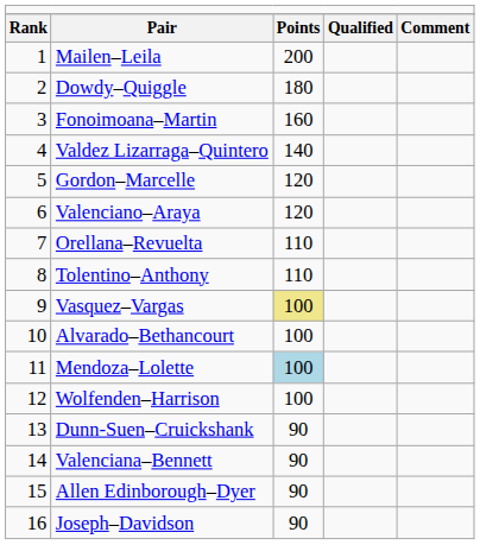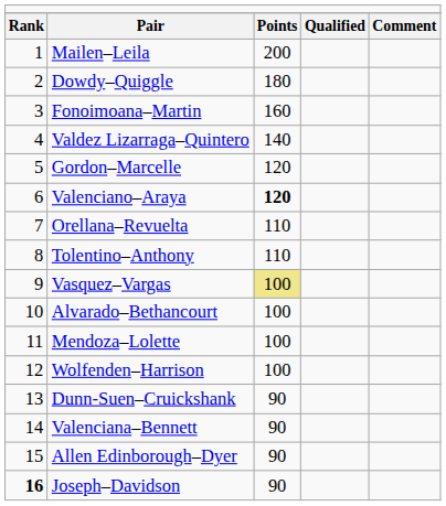 <table class="wikitable">
 <tr>
 <td colspan=5 align="center"></td>
 </tr>
 <tr>
 </tr>
 <tr style="font-size:10pt;font-weight:bold">
 <th>Rank</th>
 <th>Pair</th>
 <th>Points</th>
 <th>Qualified</th>
 <th>Comment</th>
 </tr>
 <tr>
 <td align=right>1</td>
 <td> <a href='#'>Mailen</a>–<a href='#'>Leila</a></td>
 <td align=center>200</td>
 <td></td>
 <td></td>
 </tr>
 <tr>
 <td align=right>2</td>
 <td> <a href='#'>Dowdy</a>–<a href='#'>Quiggle</a></td>
 <td align=center>180</td>
 <td></td>
 <td></td>
 </tr>
 <tr>
 <td align=right>3</td>
 <td> <a href='#'>Fonoimoana</a>–<a href='#'>Martin</a></td>
 <td align=center>160</td>
 <td></td>
 <td></td>
 </tr>
 <tr>
 <td align=right>4</td>
 <td> <a href='#'>Valdez Lizarraga</a>–<a href='#'>Quintero</a></td>
 <td align=center>140</td>
 <td></td>
 <td></td>
 </tr>
 <tr>
 <td align=right>5</td>
 <td> <a href='#'>Gordon</a>–<a href='#'>Marcelle</a></td>
 <td align=center>120</td>
 <td></td>
 <td></td>
 </tr>
 <tr>
 <td align=right>6</td>
 <td> <a href='#'>Valenciano</a>–<a href='#'>Araya</a></td>
-<td align=center>120</td>
+<td align=center><strong>120</strong></td>
 <td></td>
 <td></td>
 </tr>
 <tr>
 <td align=right>7</td>
 <td> <a href='#'>Orellana</a>–<a href='#'>Revuelta</a></td>
 <td align=center>110</td>
 <td></td>
 <td></td>
 </tr>
 <tr>
 <td align=right>8</td>
 <td> <a href='#'>Tolentino</a>–<a href='#'>Anthony</a></td>
 <td align=center>110</td>
 <td></td>
 <td></td>
 </tr>
 <tr>
 <td align=right>9</td>
 <td> <a href='#'>Vasquez</a>–<a href='#'>Vargas</a></td>
 <td align=center style="background: khaki;">100</td>
 <td></td>
 <td></td>
 </tr>
 <tr>
 <td align=right>10</td>
 <td> <a href='#'>Alvarado</a>–<a href='#'>Bethancourt</a></td>
 <td align=center>100</td>
 <td></td>
 <td></td>
 </tr>
 <tr>
 <td align=right>11</td>
 <td> <a href='#'>Mendoza</a>–<a href='#'>Lolette</a></td>
-<td align=center style="background: lightblue;">100</td>
+<td align=center>100</td>
 <td></td>
 <td></td>
 </tr>
 <tr>
 <td align=right>12</td>
 <td> <a href='#'>Wolfenden</a>–<a href='#'>Harrison</a></td>
 <td align=center>100</td>
 <td></td>
 <td></td>
 </tr>
 <tr>
 <td align=right>13</td>
 <td> <a href='#'>Dunn-Suen</a>–<a href='#'>Cruickshank</a></td>
 <td align=center>90</td>
 <td></td>
 <td></td>
 </tr>
 <tr>
 <td align=right>14</td>
 <td> <a href='#'>Valenciana</a>–<a href='#'>Bennett</a></td>
 <td align=center>90</td>
 <td></td>
 <td></td>
 </tr>
 <tr>
 <td align=right>15</td>
 <td> <a href='#'>Allen Edinborough</a>–<a href='#'>Dyer</a></td>
 <td align=center>90</td>
 <td></td>
 <td></td>
 </tr>
 <tr>
-<td align=right>16</td>
+<td align=right><strong>16</strong></td>
 <td> <a href='#'>Joseph</a>–<a href='#'>Davidson</a></td>
 <td align=center>90</td>
 <td></td>
 <td></td>
 </tr>
 </table>
